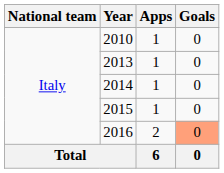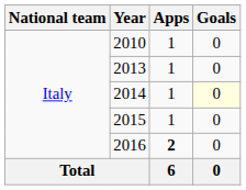 <table class="wikitable" style="text-align:center">
 <tr>
 <th>National team</th>
 <th>Year</th>
 <th>Apps</th>
 <th>Goals</th>
 </tr>
 <tr>
 <td rowspan="5"><a href='#'>Italy</a></td>
 <td>2010</td>
 <td>1</td>
 <td>0</td>
 </tr>
 <tr>
 <td>2013</td>
 <td>1</td>
 <td>0</td>
 </tr>
 <tr>
 <td>2014</td>
 <td>1</td>
-<td>0</td>
+<td style="background: lightyellow;">0</td>
 </tr>
 <tr>
 <td>2015</td>
 <td>1</td>
 <td>0</td>
 </tr>
 <tr>
 <td>2016</td>
-<td>2</td>
-<td style="background: lightsalmon;">0</td>
+<td><strong>2</strong></td>
+<td>0</td>
 </tr>
 <tr>
 <th colspan="2">Total</th>
 <th>6</th>
 <th>0</th>
 </tr>
 </table>
